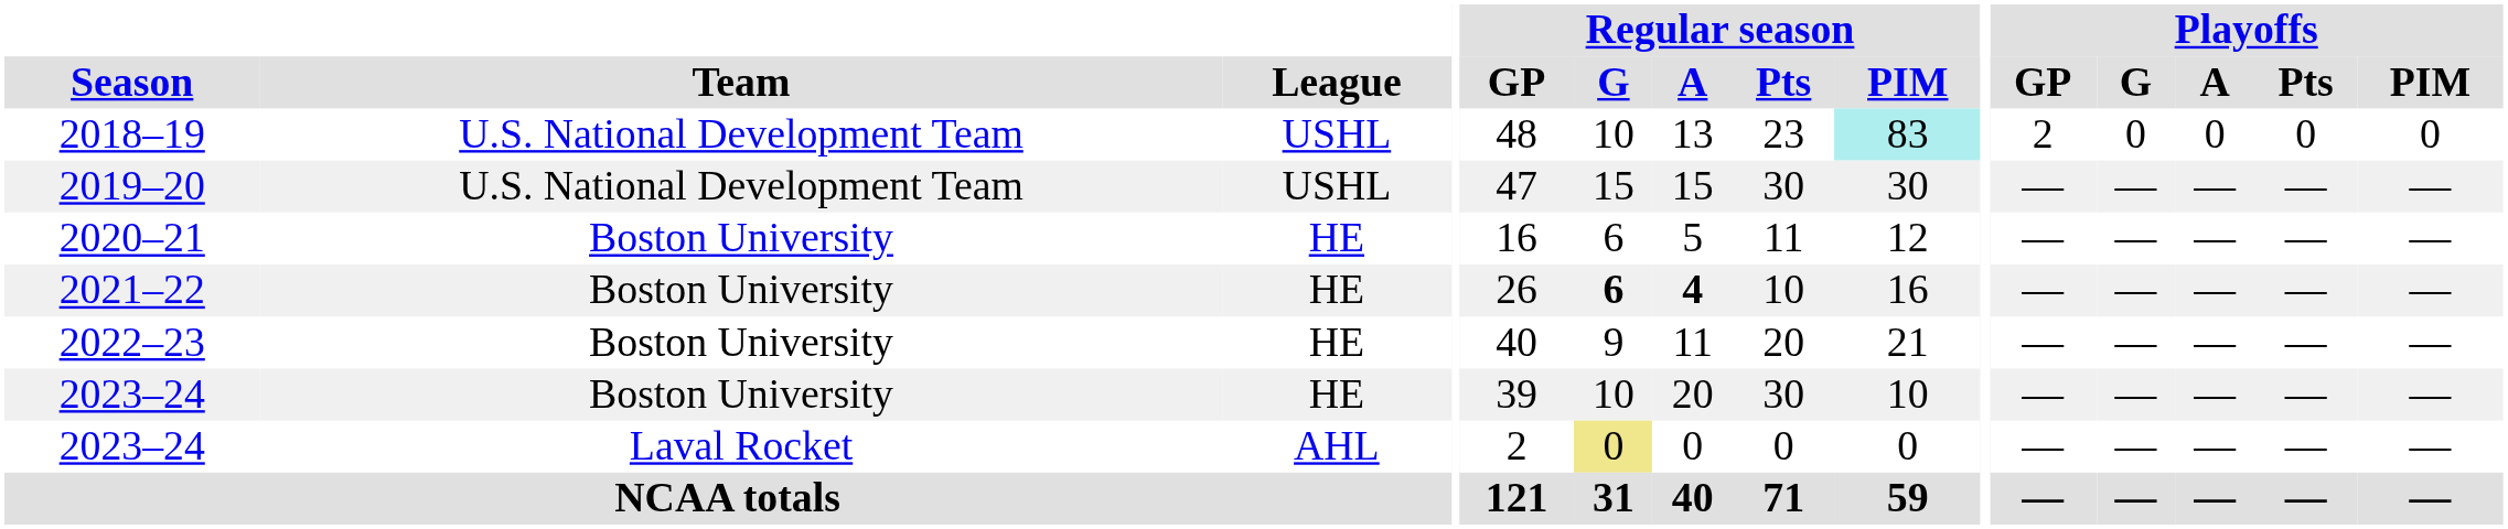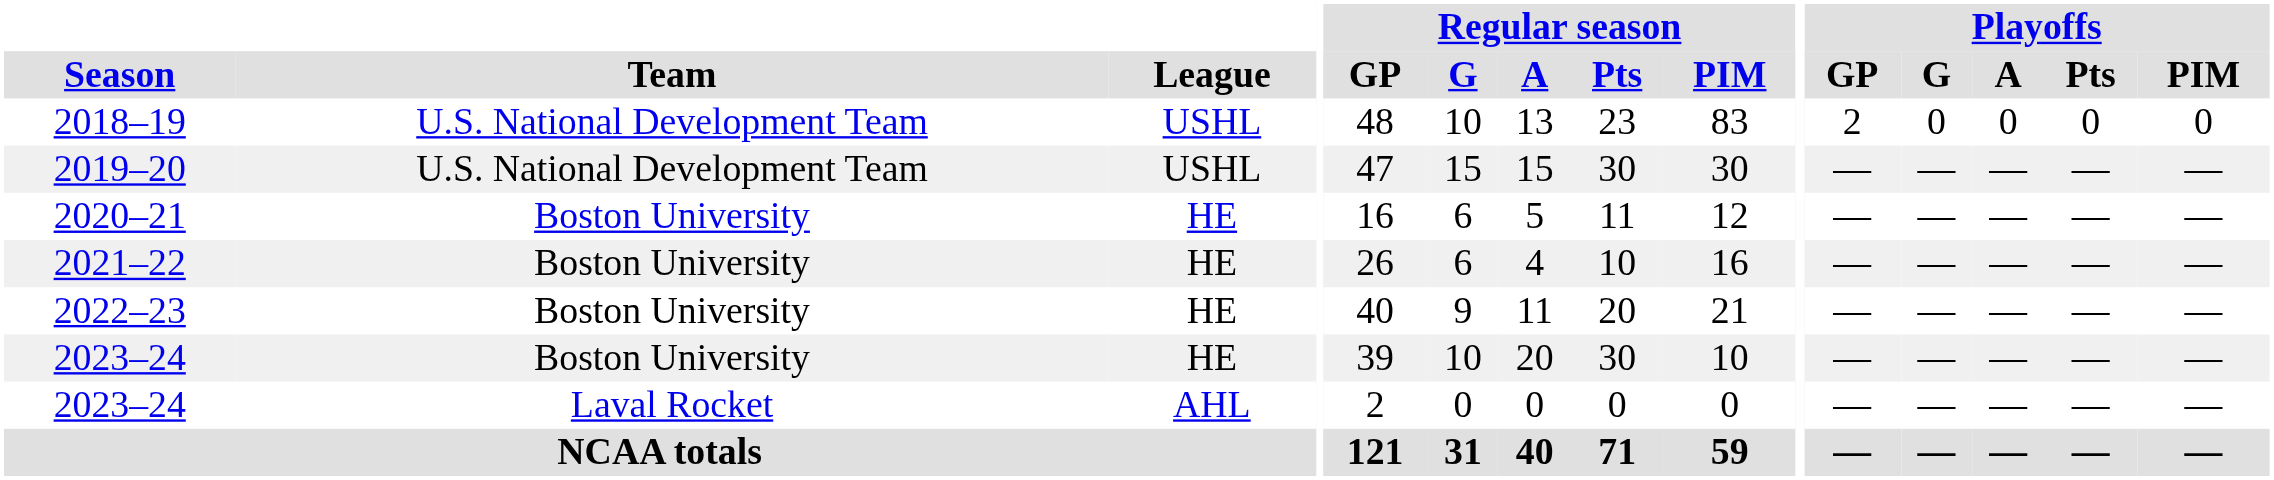 <table border="0" cellpadding="1" cellspacing="0" style="text-align:center; width:60em;">
 <tr bgcolor="#e0e0e0">
 <th colspan="3" bgcolor="#ffffff"></th>
 <th rowspan="100" bgcolor="#ffffff"></th>
 <th colspan="5"><a href='#'>Regular season</a></th>
 <th rowspan="100" bgcolor="#ffffff"></th>
 <th colspan="5"><a href='#'>Playoffs</a></th>
 </tr>
 <tr bgcolor="#e0e0e0">
 <th><a href='#'>Season</a></th>
 <th>Team</th>
 <th>League</th>
 <th>GP</th>
 <th><a href='#'>G</a></th>
 <th><a href='#'>A</a></th>
 <th><a href='#'>Pts</a></th>
 <th><a href='#'>PIM</a></th>
 <th>GP</th>
 <th>G</th>
 <th>A</th>
 <th>Pts</th>
 <th>PIM</th>
 </tr>
 <tr>
 <td><a href='#'>2018–19</a></td>
 <td><a href='#'>U.S. National Development Team</a></td>
 <td><a href='#'>USHL</a></td>
 <td>48</td>
 <td>10</td>
 <td>13</td>
 <td>23</td>
-<td style="background: paleturquoise;">83</td>
+<td>83</td>
 <td>2</td>
 <td>0</td>
 <td>0</td>
 <td>0</td>
 <td>0</td>
 </tr>
 <tr bgcolor="#f0f0f0">
 <td><a href='#'>2019–20</a></td>
 <td>U.S. National Development Team</td>
 <td>USHL</td>
 <td>47</td>
 <td>15</td>
 <td>15</td>
 <td>30</td>
 <td>30</td>
 <td>—</td>
 <td>—</td>
 <td>—</td>
 <td>—</td>
 <td>—</td>
 </tr>
 <tr>
 <td><a href='#'>2020–21</a></td>
 <td><a href='#'>Boston University</a></td>
 <td><a href='#'>HE</a></td>
 <td>16</td>
 <td>6</td>
 <td>5</td>
 <td>11</td>
 <td>12</td>
 <td>—</td>
 <td>—</td>
 <td>—</td>
 <td>—</td>
 <td>—</td>
 </tr>
 <tr bgcolor="#f0f0f0">
 <td><a href='#'>2021–22</a></td>
 <td>Boston University</td>
 <td>HE</td>
 <td>26</td>
-<td><strong>6</strong></td>
-<td><strong>4</strong></td>
+<td>6</td>
+<td>4</td>
 <td>10</td>
 <td>16</td>
 <td>—</td>
 <td>—</td>
 <td>—</td>
 <td>—</td>
 <td>—</td>
 </tr>
 <tr>
 <td><a href='#'>2022–23</a></td>
 <td>Boston University</td>
 <td>HE</td>
 <td>40</td>
 <td>9</td>
 <td>11</td>
 <td>20</td>
 <td>21</td>
 <td>—</td>
 <td>—</td>
 <td>—</td>
 <td>—</td>
 <td>—</td>
 </tr>
 <tr bgcolor="#f0f0f0">
 <td><a href='#'>2023–24</a></td>
 <td>Boston University</td>
 <td>HE</td>
 <td>39</td>
 <td>10</td>
 <td>20</td>
 <td>30</td>
 <td>10</td>
 <td>—</td>
 <td>—</td>
 <td>—</td>
 <td>—</td>
 <td>—</td>
 </tr>
 <tr>
 <td><a href='#'>2023–24</a></td>
 <td><a href='#'>Laval Rocket</a></td>
 <td><a href='#'>AHL</a></td>
 <td>2</td>
-<td style="background: khaki;">0</td>
+<td>0</td>
 <td>0</td>
 <td>0</td>
 <td>0</td>
 <td>—</td>
 <td>—</td>
 <td>—</td>
 <td>—</td>
 <td>—</td>
 </tr>
 <tr bgcolor="#e0e0e0">
 <th colspan="3">NCAA totals</th>
 <th>121</th>
 <th>31</th>
 <th>40</th>
 <th>71</th>
 <th>59</th>
 <th>—</th>
 <th>—</th>
 <th>—</th>
 <th>—</th>
 <th>—</th>
 </tr>
 </table>
